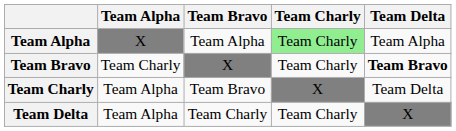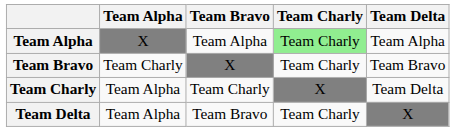 <table class="wikitable" style="margin:1em auto; text-align:center;">
 <tr>
 <th> </th>
 <th>Team Alpha</th>
 <th>Team Bravo</th>
 <th>Team Charly</th>
 <th>Team Delta</th>
 </tr>
 <tr>
 <th>Team Alpha</th>
 <td bgcolor=grey>X</td>
 <td>Team Alpha</td>
 <td style="background: lightgreen;">Team Charly</td>
 <td>Team Alpha</td>
 </tr>
 <tr>
 <th>Team Bravo</th>
 <td>Team Charly</td>
 <td bgcolor=grey>X</td>
 <td>Team Charly</td>
-<td><strong>Team Bravo</strong></td>
+<td>Team Bravo</td>
 </tr>
 <tr>
 <th>Team Charly</th>
 <td>Team Alpha</td>
-<td>Team Bravo</td>
+<td>Team Charly</td>
 <td bgcolor=grey>X</td>
 <td>Team Delta</td>
 </tr>
 <tr>
 <th>Team Delta</th>
 <td>Team Alpha</td>
-<td>Team Charly</td>
+<td>Team Bravo</td>
 <td>Team Charly</td>
 <td bgcolor=grey>X</td>
 </tr>
 </table>
